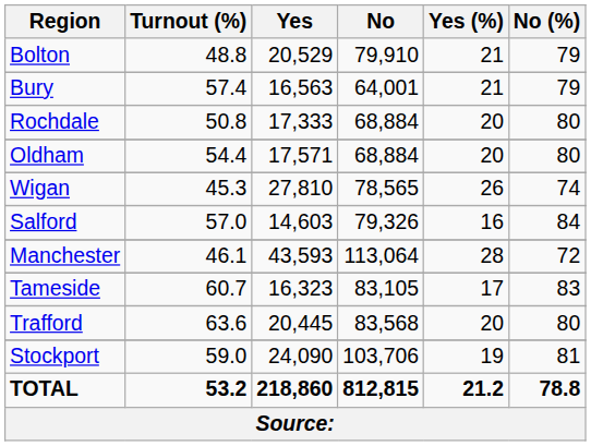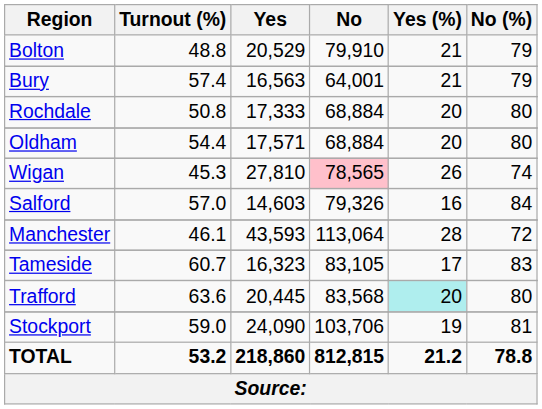 <table class="sortable wikitable">
 <tr>
 <th scope="col">Region</th>
 <th scope="col">Turnout (%)</th>
 <th scope="col">Yes</th>
 <th scope="col">No</th>
 <th scope="col">Yes (%)</th>
 <th scope="col">No (%)</th>
 </tr>
 <tr>
 <td scope="row"><a href='#'>Bolton</a></td>
 <td align="right">48.8</td>
 <td align="right">20,529</td>
 <td align="right">79,910</td>
 <td align="right">21</td>
 <td align="right">79</td>
 </tr>
 <tr>
 </tr>
 <tr>
 <td scope="row"><a href='#'>Bury</a></td>
 <td align="right">57.4</td>
 <td align="right">16,563</td>
 <td align="right">64,001</td>
 <td align="right">21</td>
 <td align="right">79</td>
 </tr>
 <tr>
 </tr>
 <tr>
 <td scope="row"><a href='#'>Rochdale</a></td>
 <td align="right">50.8</td>
 <td align="right">17,333</td>
 <td align="right">68,884</td>
 <td align="right">20</td>
 <td align="right">80</td>
 </tr>
 <tr>
 </tr>
 <tr>
 <td scope="row"><a href='#'>Oldham</a></td>
 <td align="right">54.4</td>
 <td align="right">17,571</td>
 <td align="right">68,884</td>
 <td align="right">20</td>
 <td align="right">80</td>
 </tr>
 <tr>
 </tr>
 <tr>
 <td scope="row"><a href='#'>Wigan</a></td>
 <td align="right">45.3</td>
 <td align="right">27,810</td>
-<td align="right">78,565</td>
+<td align="right" style="background: pink;">78,565</td>
 <td align="right">26</td>
 <td align="right">74</td>
 </tr>
 <tr>
 </tr>
 <tr>
 <td scope="row"><a href='#'>Salford</a></td>
 <td align="right">57.0</td>
 <td align="right">14,603</td>
 <td align="right">79,326</td>
 <td align="right">16</td>
 <td align="right">84</td>
 </tr>
 <tr>
 </tr>
 <tr>
 <td scope="row"><a href='#'>Manchester</a></td>
 <td align="right">46.1</td>
 <td align="right">43,593</td>
 <td align="right">113,064</td>
 <td align="right">28</td>
 <td align="right">72</td>
 </tr>
 <tr>
 </tr>
 <tr>
 <td scope="row"><a href='#'>Tameside</a></td>
 <td align="right">60.7</td>
 <td align="right">16,323</td>
 <td align="right">83,105</td>
 <td align="right">17</td>
 <td align="right">83</td>
 </tr>
 <tr>
 </tr>
 <tr>
 <td scope="row"><a href='#'>Trafford</a></td>
 <td align="right">63.6</td>
 <td align="right">20,445</td>
 <td align="right">83,568</td>
-<td align="right">20</td>
+<td align="right" style="background: paleturquoise;">20</td>
 <td align="right">80</td>
 </tr>
 <tr>
 </tr>
 <tr>
 <td scope="row"><a href='#'>Stockport</a></td>
 <td align="right">59.0</td>
 <td align="right">24,090</td>
 <td align="right">103,706</td>
 <td align="right">19</td>
 <td align="right">81</td>
 </tr>
 <tr>
 <td scope="row"><strong>TOTAL</strong></td>
 <td align="right"><strong>53.2</strong></td>
 <td align="right"><strong>218,860</strong></td>
 <td align="right"><strong>812,815</strong></td>
 <td align="right"><strong>21.2</strong></td>
 <td align="right"><strong>78.8</strong></td>
 </tr>
 <tr>
 <th colspan="6"><em>Source: </em></th>
 </tr>
 </table>
